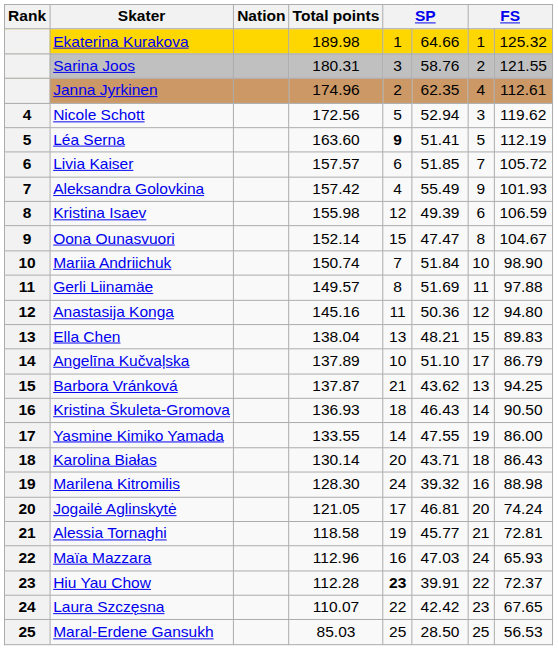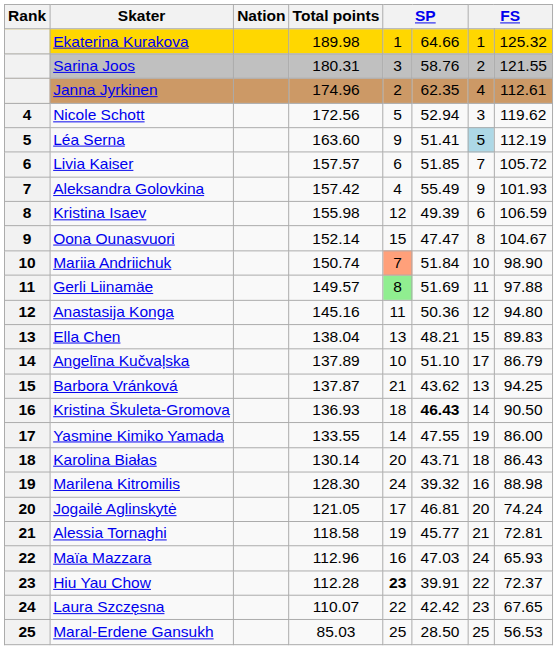 <table class="wikitable sortable" style="text-align:left">
 <tr>
 <th scope="col">Rank</th>
 <th scope="col">Skater</th>
 <th scope="col">Nation</th>
 <th scope="col">Total points</th>
 <th scope="col" colspan="2" width="80px"><a href='#'>SP</a></th>
 <th scope="col" colspan="2" width="80px"><a href='#'>FS</a></th>
 </tr>
 <tr bgcolor="gold">
 <th scope="row"></th>
 <td><a href='#'>Ekaterina Kurakova</a></td>
 <td></td>
 <td align="center">189.98</td>
 <td align="center">1</td>
 <td align="center">64.66</td>
 <td align="center">1</td>
 <td align="center">125.32</td>
 </tr>
 <tr bgcolor="silver">
 <th scope="row"></th>
 <td><a href='#'>Sarina Joos</a></td>
 <td></td>
 <td align="center">180.31</td>
 <td align="center">3</td>
 <td align="center">58.76</td>
 <td align="center">2</td>
 <td align="center">121.55</td>
 </tr>
 <tr bgcolor="cc9966">
 <th scope="row"></th>
 <td><a href='#'>Janna Jyrkinen</a></td>
 <td></td>
 <td align="center">174.96</td>
 <td align="center">2</td>
 <td align="center">62.35</td>
 <td align="center">4</td>
 <td align="center">112.61</td>
 </tr>
 <tr>
 <th scope="row">4</th>
 <td><a href='#'>Nicole Schott</a></td>
 <td></td>
 <td align="center">172.56</td>
 <td align="center">5</td>
 <td align="center">52.94</td>
 <td align="center">3</td>
 <td align="center">119.62</td>
 </tr>
 <tr>
 <th scope="row">5</th>
 <td><a href='#'>Léa Serna</a></td>
 <td></td>
 <td align="center">163.60</td>
-<td align="center"><strong>9</strong></td>
+<td align="center">9</td>
 <td align="center">51.41</td>
-<td align="center">5</td>
+<td align="center" style="background: lightblue;">5</td>
 <td align="center">112.19</td>
 </tr>
 <tr>
 <th scope="row">6</th>
 <td><a href='#'>Livia Kaiser</a></td>
 <td></td>
 <td align="center">157.57</td>
 <td align="center">6</td>
 <td align="center">51.85</td>
 <td align="center">7</td>
 <td align="center">105.72</td>
 </tr>
 <tr>
 <th scope="row">7</th>
 <td><a href='#'>Aleksandra Golovkina</a></td>
 <td></td>
 <td align="center">157.42</td>
 <td align="center">4</td>
 <td align="center">55.49</td>
 <td align="center">9</td>
 <td align="center">101.93</td>
 </tr>
 <tr>
 <th scope="row">8</th>
 <td><a href='#'>Kristina Isaev</a></td>
 <td></td>
 <td align="center">155.98</td>
 <td align="center">12</td>
 <td align="center">49.39</td>
 <td align="center">6</td>
 <td align="center">106.59</td>
 </tr>
 <tr>
 <th scope="row">9</th>
 <td><a href='#'>Oona Ounasvuori</a></td>
 <td></td>
 <td align="center">152.14</td>
 <td align="center">15</td>
 <td align="center">47.47</td>
 <td align="center">8</td>
 <td align="center">104.67</td>
 </tr>
 <tr>
 <th scope="row">10</th>
 <td><a href='#'>Mariia Andriichuk</a></td>
 <td></td>
 <td align="center">150.74</td>
-<td align="center">7</td>
+<td align="center" style="background: lightsalmon;">7</td>
 <td align="center">51.84</td>
 <td align="center">10</td>
 <td align="center">98.90</td>
 </tr>
 <tr>
 <th scope="row">11</th>
 <td><a href='#'>Gerli Liinamäe</a></td>
 <td></td>
 <td align="center">149.57</td>
-<td align="center">8</td>
+<td align="center" style="background: lightgreen;">8</td>
 <td align="center">51.69</td>
 <td align="center">11</td>
 <td align="center">97.88</td>
 </tr>
 <tr>
 <th scope="row">12</th>
 <td><a href='#'>Anastasija Konga</a></td>
 <td></td>
 <td align="center">145.16</td>
 <td align="center">11</td>
 <td align="center">50.36</td>
 <td align="center">12</td>
 <td align="center">94.80</td>
 </tr>
 <tr>
 <th scope="row">13</th>
 <td><a href='#'>Ella Chen</a></td>
 <td></td>
 <td align="center">138.04</td>
 <td align="center">13</td>
 <td align="center">48.21</td>
 <td align="center">15</td>
 <td align="center">89.83</td>
 </tr>
 <tr>
 <th scope="row">14</th>
 <td><a href='#'>Angelīna Kučvaļska</a></td>
 <td></td>
 <td align="center">137.89</td>
 <td align="center">10</td>
 <td align="center">51.10</td>
 <td align="center">17</td>
 <td align="center">86.79</td>
 </tr>
 <tr>
 <th scope="row">15</th>
 <td><a href='#'>Barbora Vránková</a></td>
 <td></td>
 <td align="center">137.87</td>
 <td align="center">21</td>
 <td align="center">43.62</td>
 <td align="center">13</td>
 <td align="center">94.25</td>
 </tr>
 <tr>
 <th scope="row">16</th>
 <td><a href='#'>Kristina Škuleta-Gromova</a></td>
 <td></td>
 <td align="center">136.93</td>
 <td align="center">18</td>
-<td align="center">46.43</td>
+<td align="center"><strong>46.43</strong></td>
 <td align="center">14</td>
 <td align="center">90.50</td>
 </tr>
 <tr>
 <th scope="row">17</th>
 <td><a href='#'>Yasmine Kimiko Yamada</a></td>
 <td></td>
 <td align="center">133.55</td>
 <td align="center">14</td>
 <td align="center">47.55</td>
 <td align="center">19</td>
 <td align="center">86.00</td>
 </tr>
 <tr>
 <th scope="row">18</th>
 <td><a href='#'>Karolina Białas</a></td>
 <td></td>
 <td align="center">130.14</td>
 <td align="center">20</td>
 <td align="center">43.71</td>
 <td align="center">18</td>
 <td align="center">86.43</td>
 </tr>
 <tr>
 <th scope="row">19</th>
 <td><a href='#'>Marilena Kitromilis</a></td>
 <td></td>
 <td align="center">128.30</td>
 <td align="center">24</td>
 <td align="center">39.32</td>
 <td align="center">16</td>
 <td align="center">88.98</td>
 </tr>
 <tr>
 <th scope="row">20</th>
 <td><a href='#'>Jogailė Aglinskytė</a></td>
 <td></td>
 <td align="center">121.05</td>
 <td align="center">17</td>
 <td align="center">46.81</td>
 <td align="center">20</td>
 <td align="center">74.24</td>
 </tr>
 <tr>
 <th scope="row">21</th>
 <td><a href='#'>Alessia Tornaghi</a></td>
 <td></td>
 <td align="center">118.58</td>
 <td align="center">19</td>
 <td align="center">45.77</td>
 <td align="center">21</td>
 <td align="center">72.81</td>
 </tr>
 <tr>
 <th scope="row">22</th>
 <td><a href='#'>Maïa Mazzara</a></td>
 <td></td>
 <td align="center">112.96</td>
 <td align="center">16</td>
 <td align="center">47.03</td>
 <td align="center">24</td>
 <td align="center">65.93</td>
 </tr>
 <tr>
 <th scope="row">23</th>
 <td><a href='#'>Hiu Yau Chow</a></td>
 <td></td>
 <td align="center">112.28</td>
 <td align="center"><strong>23</strong></td>
 <td align="center">39.91</td>
 <td align="center">22</td>
 <td align="center">72.37</td>
 </tr>
 <tr>
 <th scope="row">24</th>
 <td><a href='#'>Laura Szczęsna</a></td>
 <td></td>
 <td align="center">110.07</td>
 <td align="center">22</td>
 <td align="center">42.42</td>
 <td align="center">23</td>
 <td align="center">67.65</td>
 </tr>
 <tr>
 <th scope="row">25</th>
 <td><a href='#'>Maral-Erdene Gansukh</a></td>
 <td></td>
 <td align="center">85.03</td>
 <td align="center">25</td>
 <td align="center">28.50</td>
 <td align="center">25</td>
 <td align="center">56.53</td>
 </tr>
 </table>
